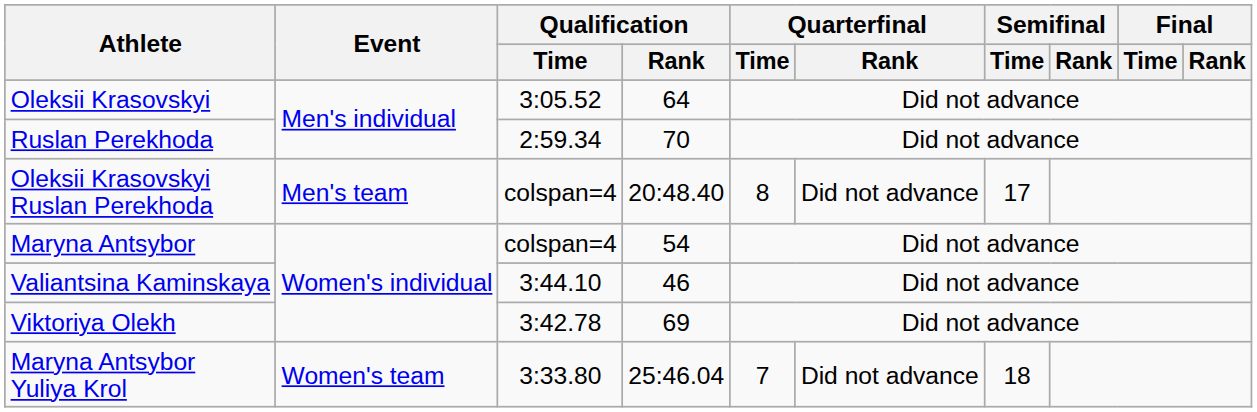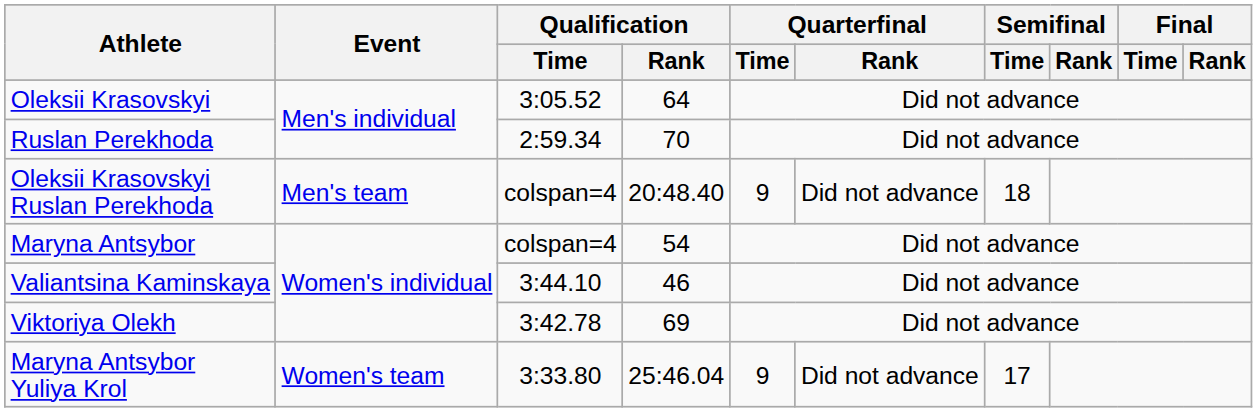 <table class=wikitable style=font-size:90%;text-align:center>
 <tr>
 <th rowspan=2>Athlete</th>
 <th rowspan=2>Event</th>
 <th colspan=2>Qualification</th>
 <th colspan=2>Quarterfinal</th>
 <th colspan=2>Semifinal</th>
 <th colspan=2>Final</th>
 </tr>
 <tr style=font-size:95%>
 <th>Time</th>
 <th>Rank</th>
 <th>Time</th>
 <th>Rank</th>
 <th>Time</th>
 <th>Rank</th>
 <th>Time</th>
 <th>Rank</th>
 </tr>
 <tr>
 <td align=left><a href='#'>Oleksii Krasovskyi</a></td>
 <td align=left rowspan=2><a href='#'>Men's individual</a></td>
 <td>3:05.52</td>
 <td>64</td>
 <td colspan=6>Did not advance</td>
 </tr>
 <tr>
 <td align=left><a href='#'>Ruslan Perekhoda</a></td>
 <td>2:59.34</td>
 <td>70</td>
 <td colspan=6>Did not advance</td>
 </tr>
 <tr>
 <td align=left><a href='#'>Oleksii Krasovskyi</a><br><a href='#'>Ruslan Perekhoda</a></td>
 <td align=left><a href='#'>Men's team</a></td>
 <td>colspan=4 </td>
 <td>20:48.40</td>
-<td>8</td>
+<td>9</td>
 <td>Did not advance</td>
-<td>17</td>
+<td>18</td>
 </tr>
 <tr>
 <td align=left><a href='#'>Maryna Antsybor</a></td>
 <td align=left rowspan=3><a href='#'>Women's individual</a></td>
 <td>colspan=4 </td>
 <td>54</td>
 <td colspan=6>Did not advance</td>
 </tr>
 <tr>
 <td align=left><a href='#'>Valiantsina Kaminskaya</a></td>
 <td>3:44.10</td>
 <td>46</td>
 <td colspan=6>Did not advance</td>
 </tr>
 <tr>
 <td align=left><a href='#'>Viktoriya Olekh</a></td>
 <td>3:42.78</td>
 <td>69</td>
 <td colspan=6>Did not advance</td>
 </tr>
 <tr>
 <td align=left><a href='#'>Maryna Antsybor</a><br><a href='#'>Yuliya Krol</a></td>
 <td align=left><a href='#'>Women's team</a></td>
 <td>3:33.80</td>
 <td>25:46.04</td>
-<td>7</td>
+<td>9</td>
 <td>Did not advance</td>
-<td>18</td>
+<td>17</td>
 </tr>
 </table>
